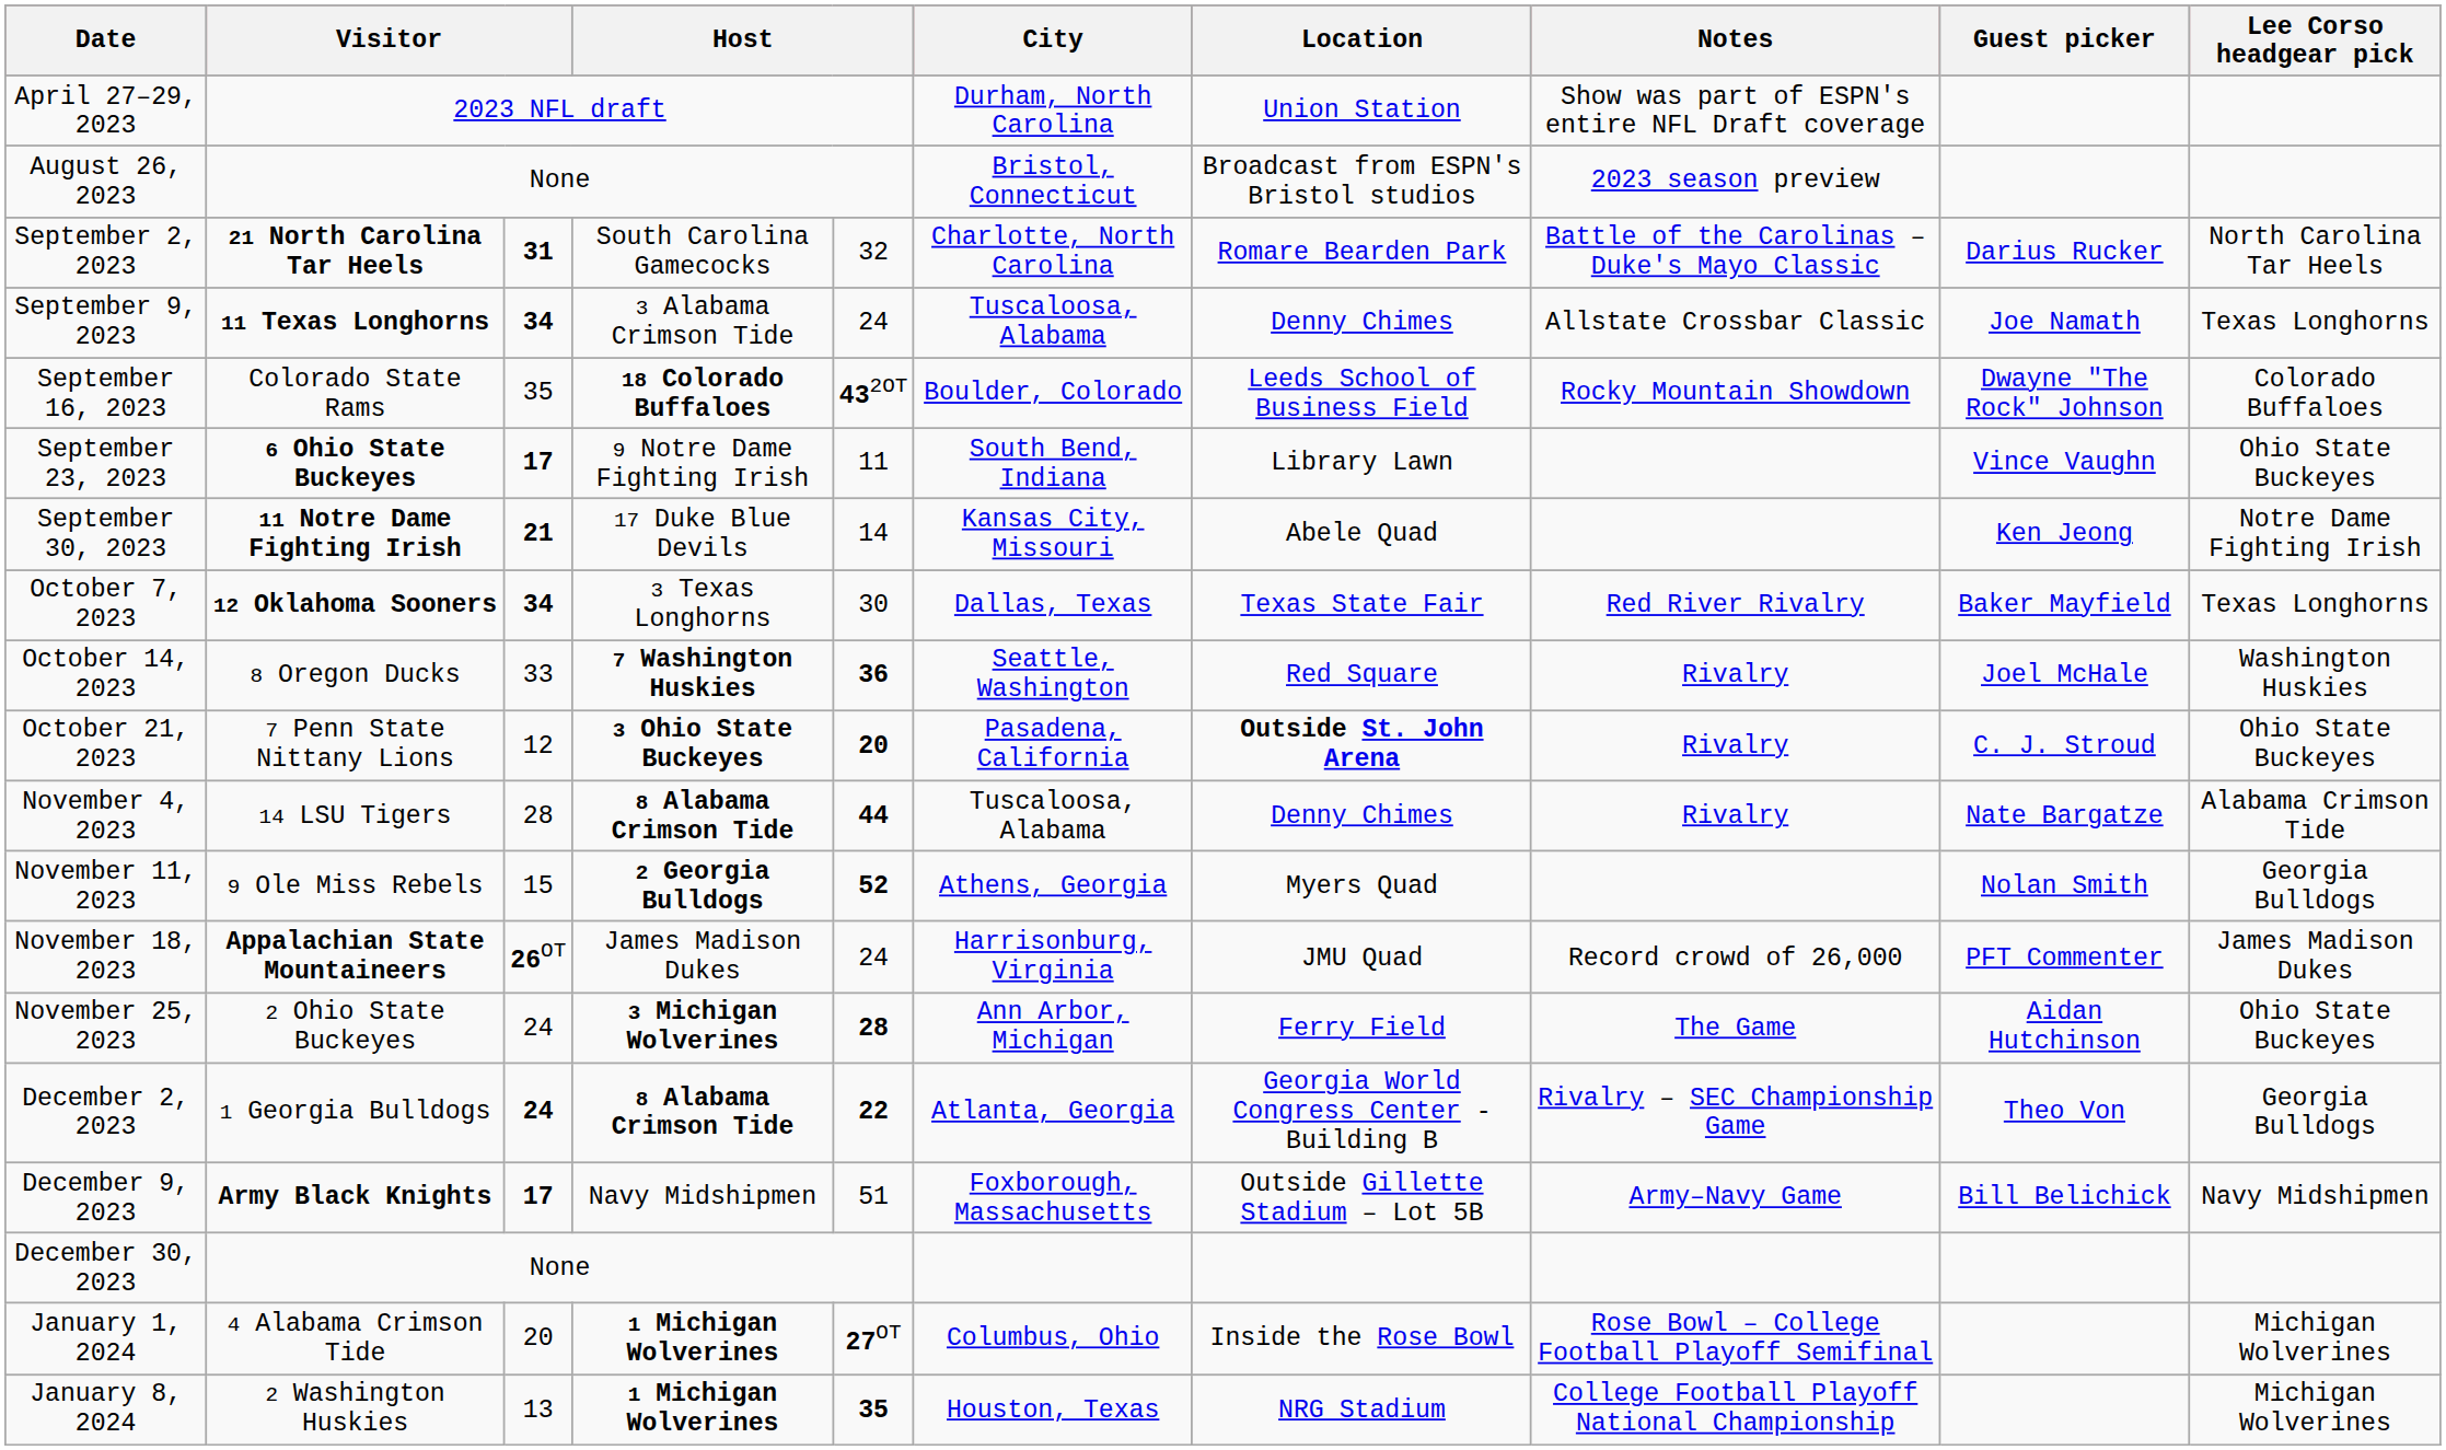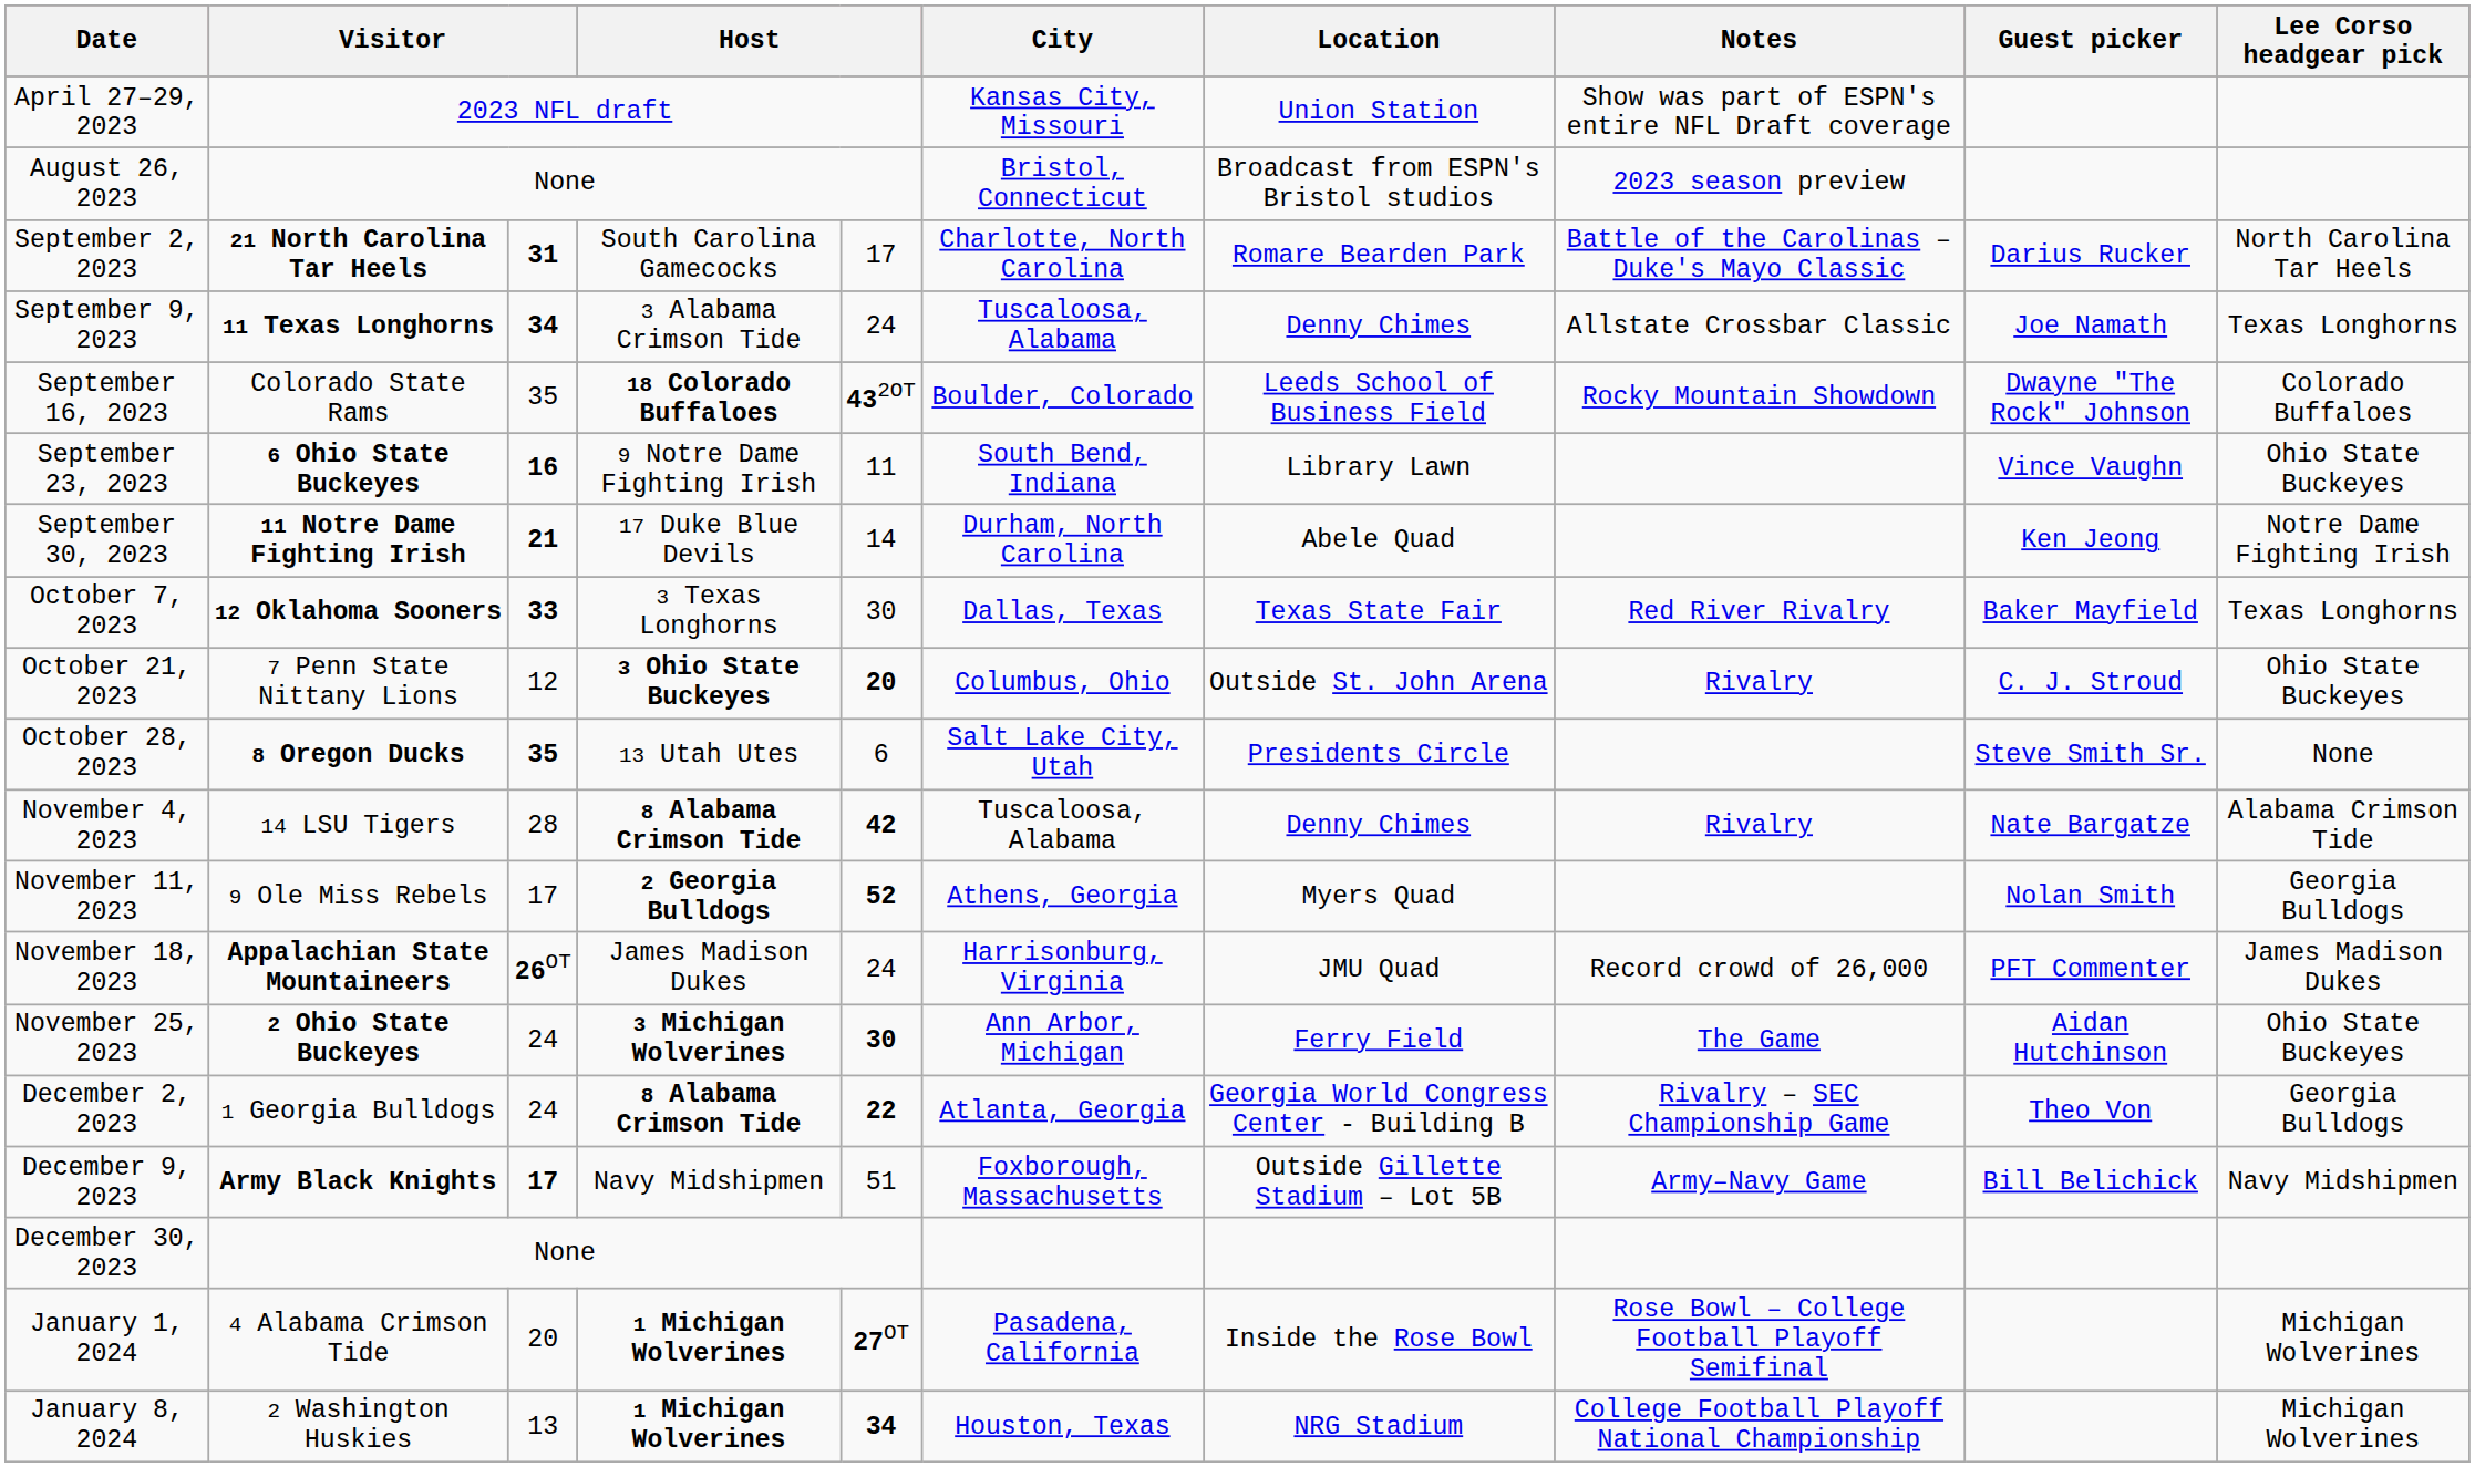 <table class="wikitable" style="text-align:center">
 <tr style="background:#A32638;"|>
 <th>Date</th>
 <th colspan=2>Visitor</th>
 <th colspan=2>Host</th>
 <th>City</th>
 <th>Location</th>
 <th>Notes</th>
 <th>Guest picker</th>
 <th>Lee Corso headgear pick</th>
 </tr>
 <tr>
 <td>April 27–29, 2023</td>
 <td colspan="4"><a href='#'>2023 NFL draft</a></td>
-<td><a href='#'>Durham, North Carolina</a></td>
+<td><a href='#'>Kansas City, Missouri</a></td>
 <td><a href='#'>Union Station</a></td>
 <td>Show was part of ESPN's entire NFL Draft coverage</td>
 <td></td>
 <td></td>
 </tr>
 <tr>
 <td>August 26, 2023</td>
 <td colspan="4">None</td>
 <td><a href='#'>Bristol, Connecticut</a></td>
 <td>Broadcast from ESPN's Bristol studios</td>
 <td><a href='#'>2023 season</a> preview</td>
 <td></td>
 <td></td>
 </tr>
 <tr>
 <td>September 2, 2023</td>
 <td><strong><small>21</small> North Carolina Tar Heels</strong></td>
 <td><strong>31</strong></td>
 <td>South Carolina Gamecocks</td>
-<td>32</td>
+<td>17</td>
 <td><a href='#'>Charlotte, North Carolina</a></td>
 <td><a href='#'>Romare Bearden Park</a></td>
 <td><a href='#'>Battle of the Carolinas</a> – <a href='#'>Duke's Mayo Classic</a></td>
 <td><a href='#'>Darius Rucker</a></td>
 <td>North Carolina Tar Heels</td>
 </tr>
 <tr>
 <td>September 9, 2023</td>
 <td><strong><small>11</small> Texas Longhorns</strong></td>
 <td><strong>34</strong></td>
 <td><small>3</small> Alabama Crimson Tide</td>
 <td>24</td>
 <td><a href='#'>Tuscaloosa, Alabama</a></td>
 <td><a href='#'>Denny Chimes</a></td>
 <td>Allstate Crossbar Classic</td>
 <td><a href='#'>Joe Namath</a></td>
 <td>Texas Longhorns</td>
 </tr>
 <tr>
 <td>September 16, 2023</td>
 <td>Colorado State Rams</td>
 <td>35</td>
 <td><strong><small>18</small> Colorado Buffaloes</strong></td>
 <td><strong>43</strong><sup>2OT</sup></td>
 <td><a href='#'>Boulder, Colorado</a></td>
 <td><a href='#'>Leeds School of Business Field</a></td>
 <td><a href='#'>Rocky Mountain Showdown</a></td>
 <td><a href='#'>Dwayne "The Rock" Johnson</a></td>
 <td>Colorado Buffaloes</td>
 </tr>
 <tr>
 <td>September 23, 2023</td>
 <td><strong><small>6</small> Ohio State Buckeyes</strong></td>
-<td><strong>17</strong></td>
+<td><strong>16</strong></td>
 <td><small>9</small> Notre Dame Fighting Irish</td>
 <td>11</td>
 <td><a href='#'>South Bend, Indiana</a></td>
 <td>Library Lawn</td>
 <td></td>
 <td><a href='#'>Vince Vaughn</a></td>
 <td>Ohio State Buckeyes</td>
 </tr>
 <tr>
 <td>September 30, 2023</td>
 <td><strong><small>11</small> Notre Dame Fighting Irish</strong></td>
 <td><strong>21</strong></td>
 <td><small>17</small> Duke Blue Devils</td>
 <td>14</td>
-<td><a href='#'>Kansas City, Missouri</a></td>
+<td><a href='#'>Durham, North Carolina</a></td>
 <td>Abele Quad</td>
 <td></td>
 <td><a href='#'>Ken Jeong</a></td>
 <td>Notre Dame Fighting Irish</td>
 </tr>
 <tr>
 <td>October 7, 2023</td>
 <td><strong><small>12</small> Oklahoma Sooners</strong></td>
-<td><strong>34</strong></td>
+<td><strong>33</strong></td>
 <td><small>3</small> Texas Longhorns</td>
 <td>30</td>
 <td><a href='#'>Dallas, Texas</a></td>
 <td><a href='#'>Texas State Fair</a></td>
 <td><a href='#'>Red River Rivalry</a></td>
 <td><a href='#'>Baker Mayfield</a></td>
 <td>Texas Longhorns</td>
 </tr>
 <tr>
-<td>October 14, 2023</td>
-<td><small>8</small> Oregon Ducks</td>
-<td>33</td>
-<td><strong><small>7</small> Washington Huskies</strong></td>
-<td><strong>36</strong></td>
-<td><a href='#'>Seattle, Washington</a></td>
-<td><a href='#'>Red Square</a></td>
-<td><a href='#'>Rivalry</a></td>
-<td><a href='#'>Joel McHale</a></td>
-<td>Washington Huskies</td>
-</tr>
-<tr>
 <td>October 21, 2023</td>
 <td><small>7</small> Penn State Nittany Lions</td>
 <td>12</td>
 <td><strong><small>3</small> Ohio State Buckeyes</strong></td>
 <td><strong>20</strong></td>
-<td><a href='#'>Pasadena, California</a></td>
-<td><strong>Outside <a href='#'>St. John Arena</a></strong></td>
+<td><a href='#'>Columbus, Ohio</a></td>
+<td>Outside <a href='#'>St. John Arena</a></td>
 <td><a href='#'>Rivalry</a></td>
 <td><a href='#'>C. J. Stroud</a></td>
 <td>Ohio State Buckeyes</td>
+</tr>
+<tr>
+<td>October 28, 2023</td>
+<td><strong><small>8</small> Oregon Ducks</strong></td>
+<td><strong>35</strong></td>
+<td><small>13</small> Utah Utes</td>
+<td>6</td>
+<td><a href='#'>Salt Lake City, Utah</a></td>
+<td><a href='#'>Presidents Circle</a></td>
+<td></td>
+<td><a href='#'>Steve Smith Sr.</a></td>
+<td>None</td>
 </tr>
 <tr>
 <td>November 4, 2023</td>
 <td><small>14</small> LSU Tigers</td>
 <td>28</td>
 <td><strong><small>8</small> Alabama Crimson Tide</strong></td>
-<td><strong>44</strong></td>
+<td><strong>42</strong></td>
 <td>Tuscaloosa, Alabama</td>
 <td><a href='#'>Denny Chimes</a></td>
 <td><a href='#'>Rivalry</a></td>
 <td><a href='#'>Nate Bargatze</a></td>
 <td>Alabama Crimson Tide</td>
 </tr>
 <tr>
 <td>November 11, 2023</td>
 <td><small>9</small> Ole Miss Rebels</td>
-<td>15</td>
+<td>17</td>
 <td><strong><small>2</small> Georgia Bulldogs</strong></td>
 <td><strong>52</strong></td>
 <td><a href='#'>Athens, Georgia</a></td>
 <td>Myers Quad</td>
 <td></td>
 <td><a href='#'>Nolan Smith</a></td>
 <td>Georgia Bulldogs</td>
 </tr>
 <tr>
 <td>November 18, 2023</td>
 <td><strong>Appalachian State Mountaineers</strong></td>
 <td><strong>26</strong><sup>OT</sup></td>
 <td>James Madison Dukes</td>
 <td>24</td>
 <td><a href='#'>Harrisonburg, Virginia</a></td>
 <td>JMU Quad</td>
 <td>Record crowd of 26,000</td>
 <td><a href='#'>PFT Commenter</a></td>
 <td>James Madison Dukes</td>
 </tr>
 <tr>
 <td>November 25, 2023</td>
-<td><small>2</small> Ohio State Buckeyes</td>
+<td><strong><small>2</small> Ohio State Buckeyes</strong></td>
 <td>24</td>
 <td><strong><small>3</small> Michigan Wolverines</strong></td>
-<td><strong>28</strong></td>
+<td><strong>30</strong></td>
 <td><a href='#'>Ann Arbor, Michigan</a></td>
 <td><a href='#'>Ferry Field</a></td>
 <td><a href='#'>The Game</a></td>
 <td><a href='#'>Aidan Hutchinson</a></td>
 <td>Ohio State Buckeyes</td>
 </tr>
 <tr>
 <td>December 2, 2023</td>
 <td><small>1</small> Georgia Bulldogs</td>
-<td><strong>24</strong></td>
+<td>24</td>
 <td><strong><small>8</small> Alabama Crimson Tide</strong></td>
 <td><strong>22</strong></td>
 <td><a href='#'>Atlanta, Georgia</a></td>
 <td><a href='#'>Georgia World Congress Center</a> - Building B</td>
 <td><a href='#'>Rivalry</a> – <a href='#'>SEC Championship Game</a></td>
 <td><a href='#'>Theo Von</a></td>
 <td>Georgia Bulldogs</td>
 </tr>
 <tr>
 <td>December 9, 2023</td>
 <td><strong>Army Black Knights</strong></td>
 <td><strong>17</strong></td>
 <td>Navy Midshipmen</td>
 <td>51</td>
 <td><a href='#'>Foxborough, Massachusetts</a></td>
 <td>Outside <a href='#'>Gillette Stadium</a> – Lot 5B</td>
 <td><a href='#'>Army–Navy Game</a></td>
 <td><a href='#'>Bill Belichick</a></td>
 <td>Navy Midshipmen</td>
 </tr>
 <tr>
 <td>December 30, 2023</td>
 <td colspan="4">None</td>
 <td></td>
 <td></td>
 <td></td>
 <td></td>
 <td></td>
 </tr>
 <tr>
 <td>January 1, 2024</td>
 <td><small>4</small> Alabama Crimson Tide</td>
 <td>20</td>
 <td><strong><small>1</small> Michigan Wolverines</strong></td>
 <td><strong>27</strong><sup>OT</sup></td>
-<td><a href='#'>Columbus, Ohio</a></td>
+<td><a href='#'>Pasadena, California</a></td>
 <td>Inside the <a href='#'>Rose Bowl</a></td>
 <td><a href='#'>Rose Bowl – College Football Playoff Semifinal</a></td>
 <td></td>
 <td>Michigan Wolverines</td>
 </tr>
 <tr>
 <td>January 8, 2024</td>
 <td><small>2</small> Washington Huskies</td>
 <td>13</td>
 <td><strong><small>1</small> Michigan Wolverines</strong></td>
-<td><strong>35</strong></td>
+<td><strong>34</strong></td>
 <td><a href='#'>Houston, Texas</a></td>
 <td><a href='#'>NRG Stadium</a></td>
 <td><a href='#'>College Football Playoff National Championship</a></td>
 <td></td>
 <td>Michigan Wolverines</td>
 </tr>
 </table>
